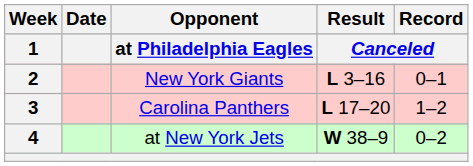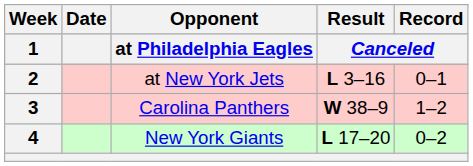 <table class="wikitable" style="text-align:center">
 <tr>
 <th>Week</th>
 <th>Date</th>
 <th>Opponent</th>
 <th>Result</th>
 <th>Record</th>
 </tr>
 <tr style="background:#bababa">
 <th>1</th>
 <th></th>
 <th>at <a href='#'>Philadelphia Eagles</a></th>
 <th colspan="2"><strong><em><a href='#'>Canceled</a></em></strong></th>
 </tr>
 <tr style="background:#fcc">
 <th>2</th>
 <td></td>
-<td><a href='#'>New York Giants</a></td>
+<td>at <a href='#'>New York Jets</a></td>
 <td><strong>L</strong> 3–16</td>
 <td>0–1</td>
 </tr>
 <tr style="background:#fcc">
 <th>3</th>
 <td></td>
 <td><a href='#'>Carolina Panthers</a></td>
-<td><strong>L</strong> 17–20</td>
+<td><strong>W</strong> 38–9</td>
 <td>1–2</td>
 </tr>
 <tr style="background:#cfc">
 <th>4</th>
 <td></td>
-<td>at <a href='#'>New York Jets</a></td>
-<td><strong>W</strong> 38–9</td>
+<td><a href='#'>New York Giants</a></td>
+<td><strong>L</strong> 17–20</td>
 <td>0–2</td>
 </tr>
 <tr>
 <th colspan="5"></th>
 </tr>
 </table>
